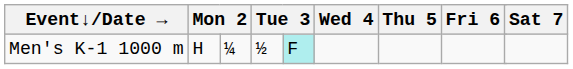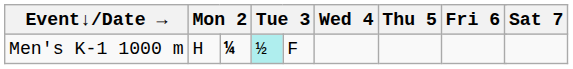 <table class="wikitable olympic-schedule canoeing">
 <tr>
 <th>Event↓/Date →</th>
 <th colspan="2">Mon 2</th>
 <th colspan="2">Tue 3</th>
 <th colspan="2">Wed 4</th>
 <th colspan="2">Thu 5</th>
 <th colspan="2">Fri 6</th>
 <th colspan="2">Sat 7</th>
 </tr>
 <tr>
 <td class="event">Men's K-1 1000 m</td>
 <td class="heats">H</td>
-<td class="quarterfinals">¼</td>
-<td class="semifinals">½</td>
-<td class="final" style="background: paleturquoise;">F</td>
+<td class="quarterfinals"><strong>¼</strong></td>
+<td class="semifinals" style="background: paleturquoise;">½</td>
+<td class="final">F</td>
 <td colspan="2"></td>
 <td colspan="2"></td>
 <td colspan="2"></td>
 <td colspan="2"></td>
 </tr>
 </table>
